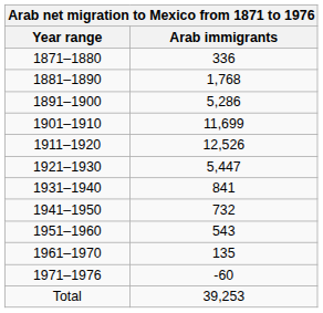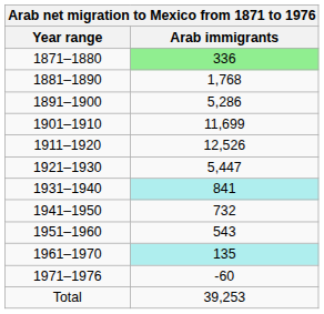 <table class="wikitable" style="text-align:center;">
 <tr>
 <th colspan=2>Arab net migration to Mexico from 1871 to 1976</th>
 </tr>
 <tr>
 <th>Year range</th>
 <th>Arab immigrants</th>
 </tr>
 <tr>
 <td>1871–1880</td>
-<td>336</td>
+<td style="background: lightgreen;">336</td>
 </tr>
 <tr>
 <td>1881–1890</td>
 <td>1,768</td>
 </tr>
 <tr>
 <td>1891–1900</td>
 <td>5,286</td>
 </tr>
 <tr>
 <td>1901–1910</td>
 <td>11,699</td>
 </tr>
 <tr>
 <td>1911–1920</td>
 <td>12,526</td>
 </tr>
 <tr>
 <td>1921–1930</td>
 <td>5,447</td>
 </tr>
 <tr>
 <td>1931–1940</td>
-<td>841</td>
+<td style="background: paleturquoise;">841</td>
 </tr>
 <tr>
 <td>1941–1950</td>
 <td>732</td>
 </tr>
 <tr>
 <td>1951–1960</td>
 <td>543</td>
 </tr>
 <tr>
 <td>1961–1970</td>
-<td>135</td>
+<td style="background: paleturquoise;">135</td>
 </tr>
 <tr>
 <td>1971–1976</td>
 <td>-60</td>
 </tr>
 <tr>
 <td>Total</td>
 <td>39,253</td>
 </tr>
 </table>
